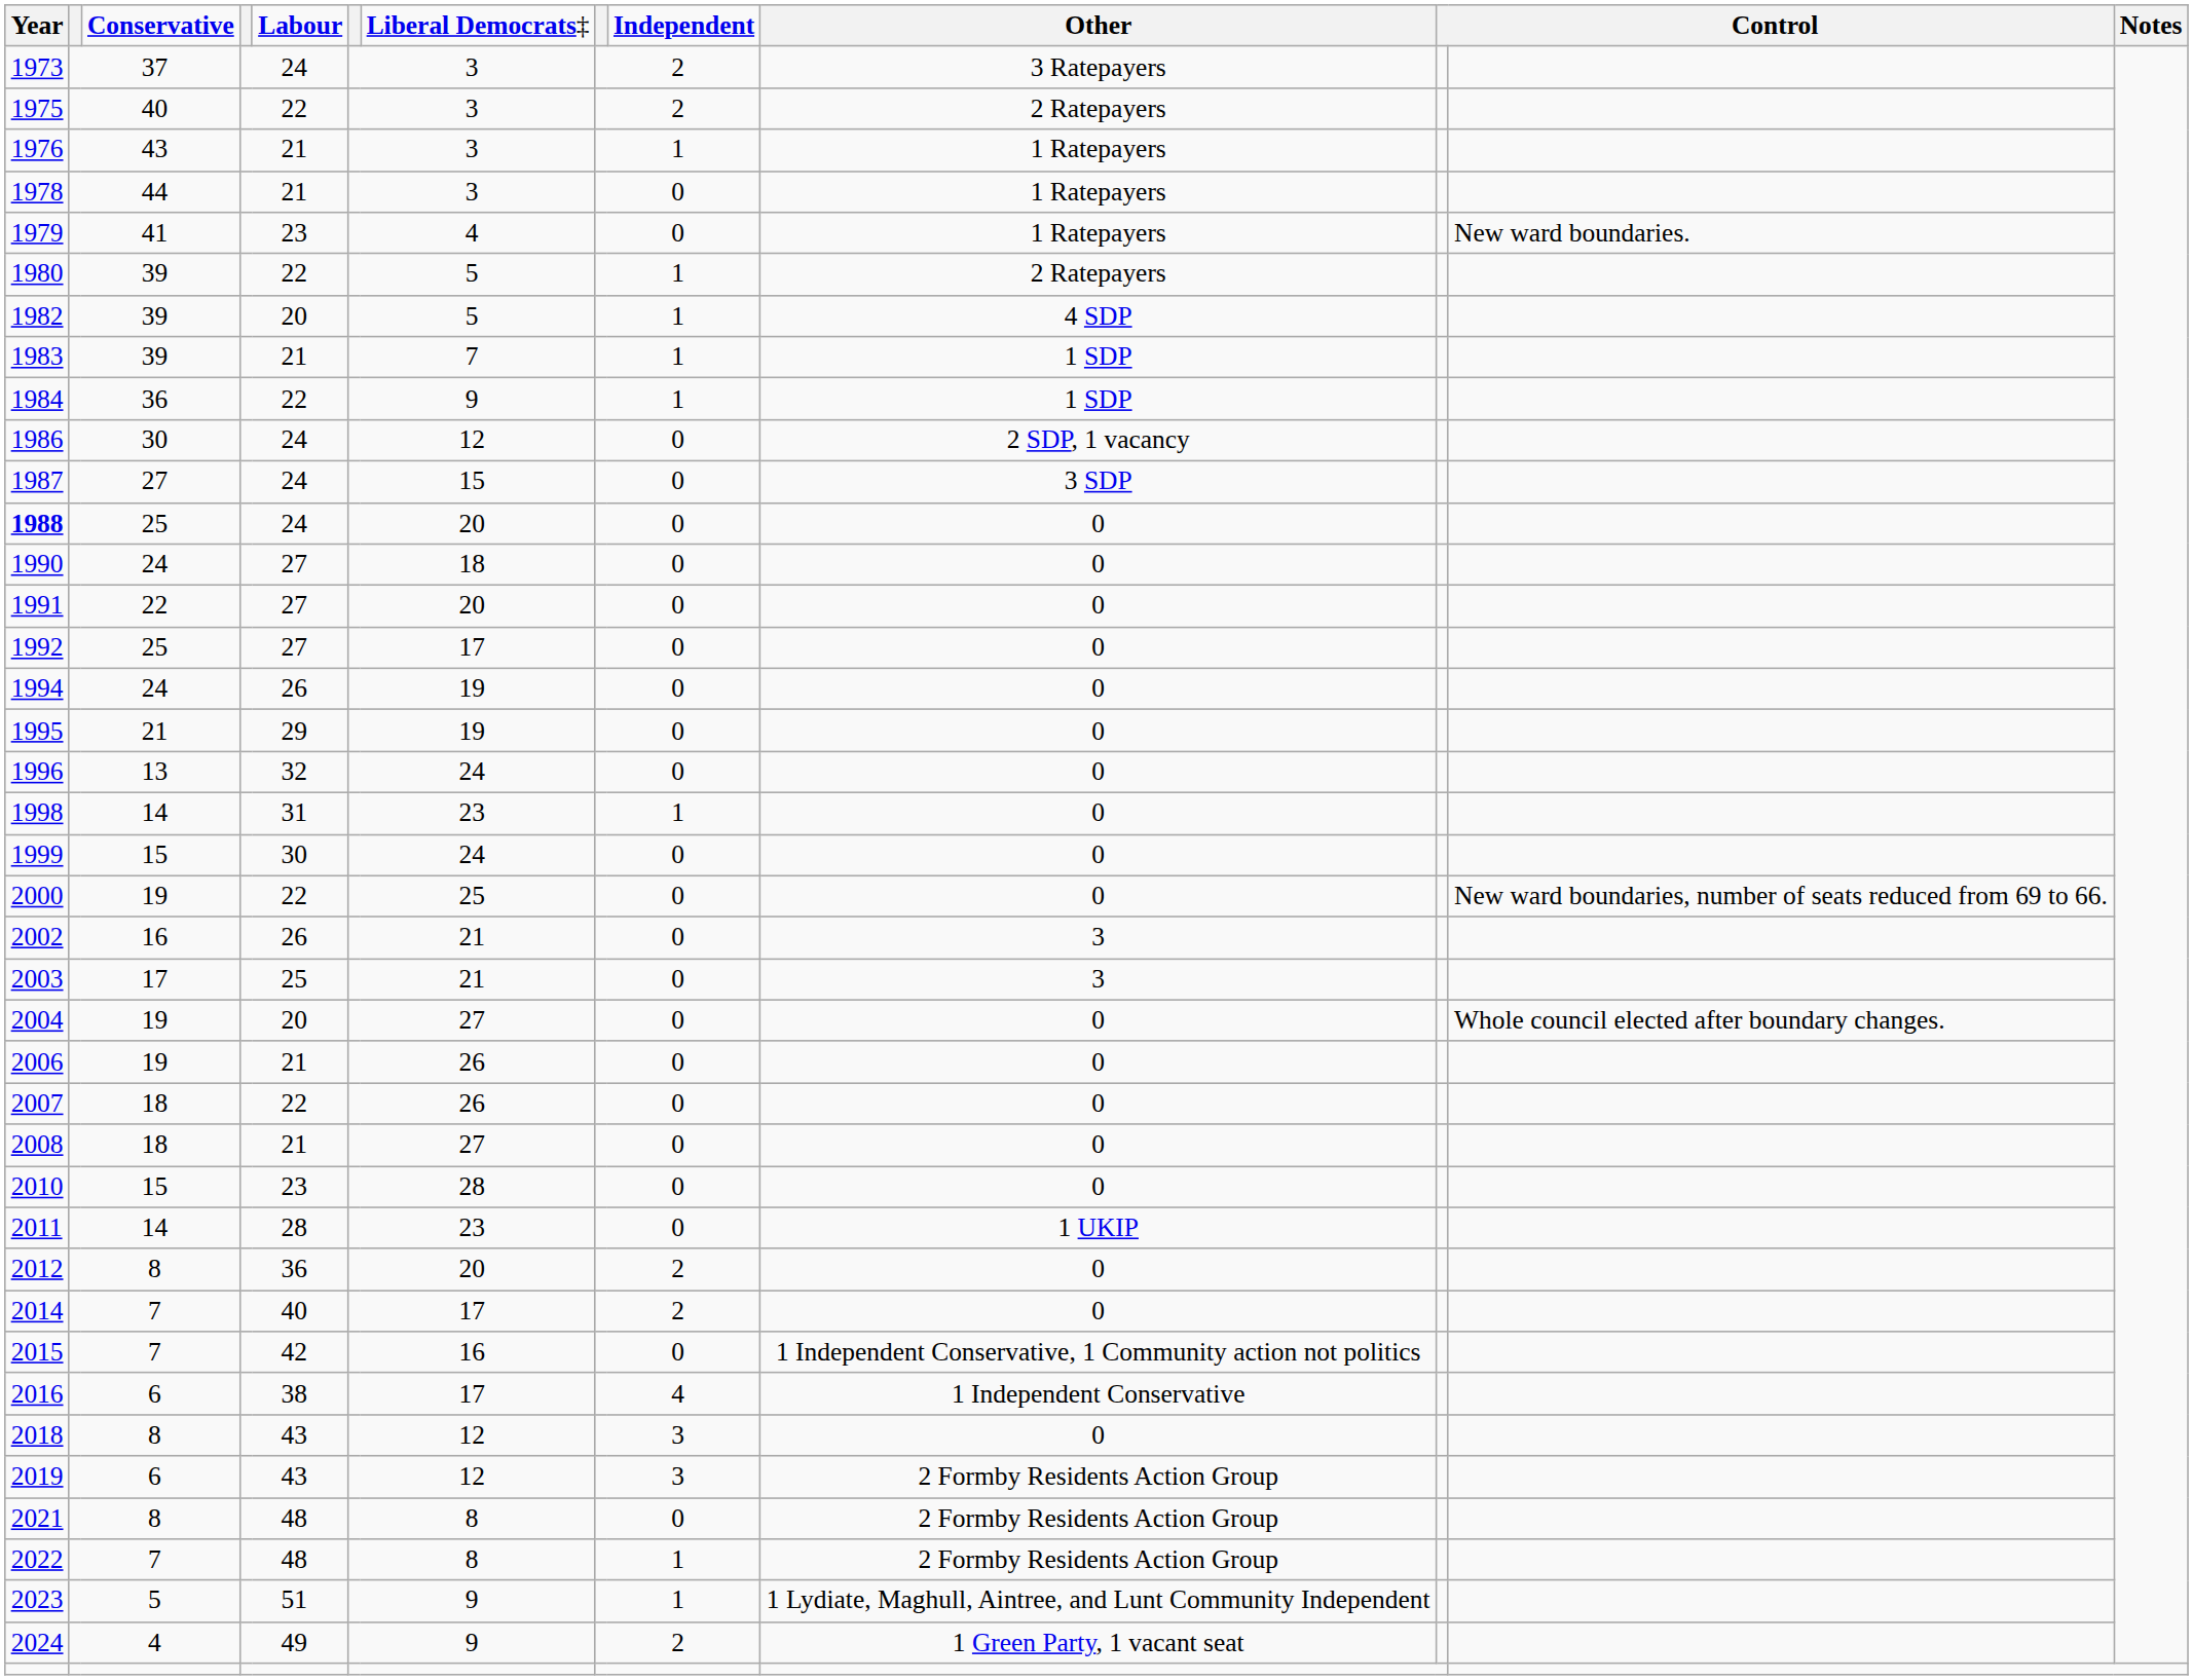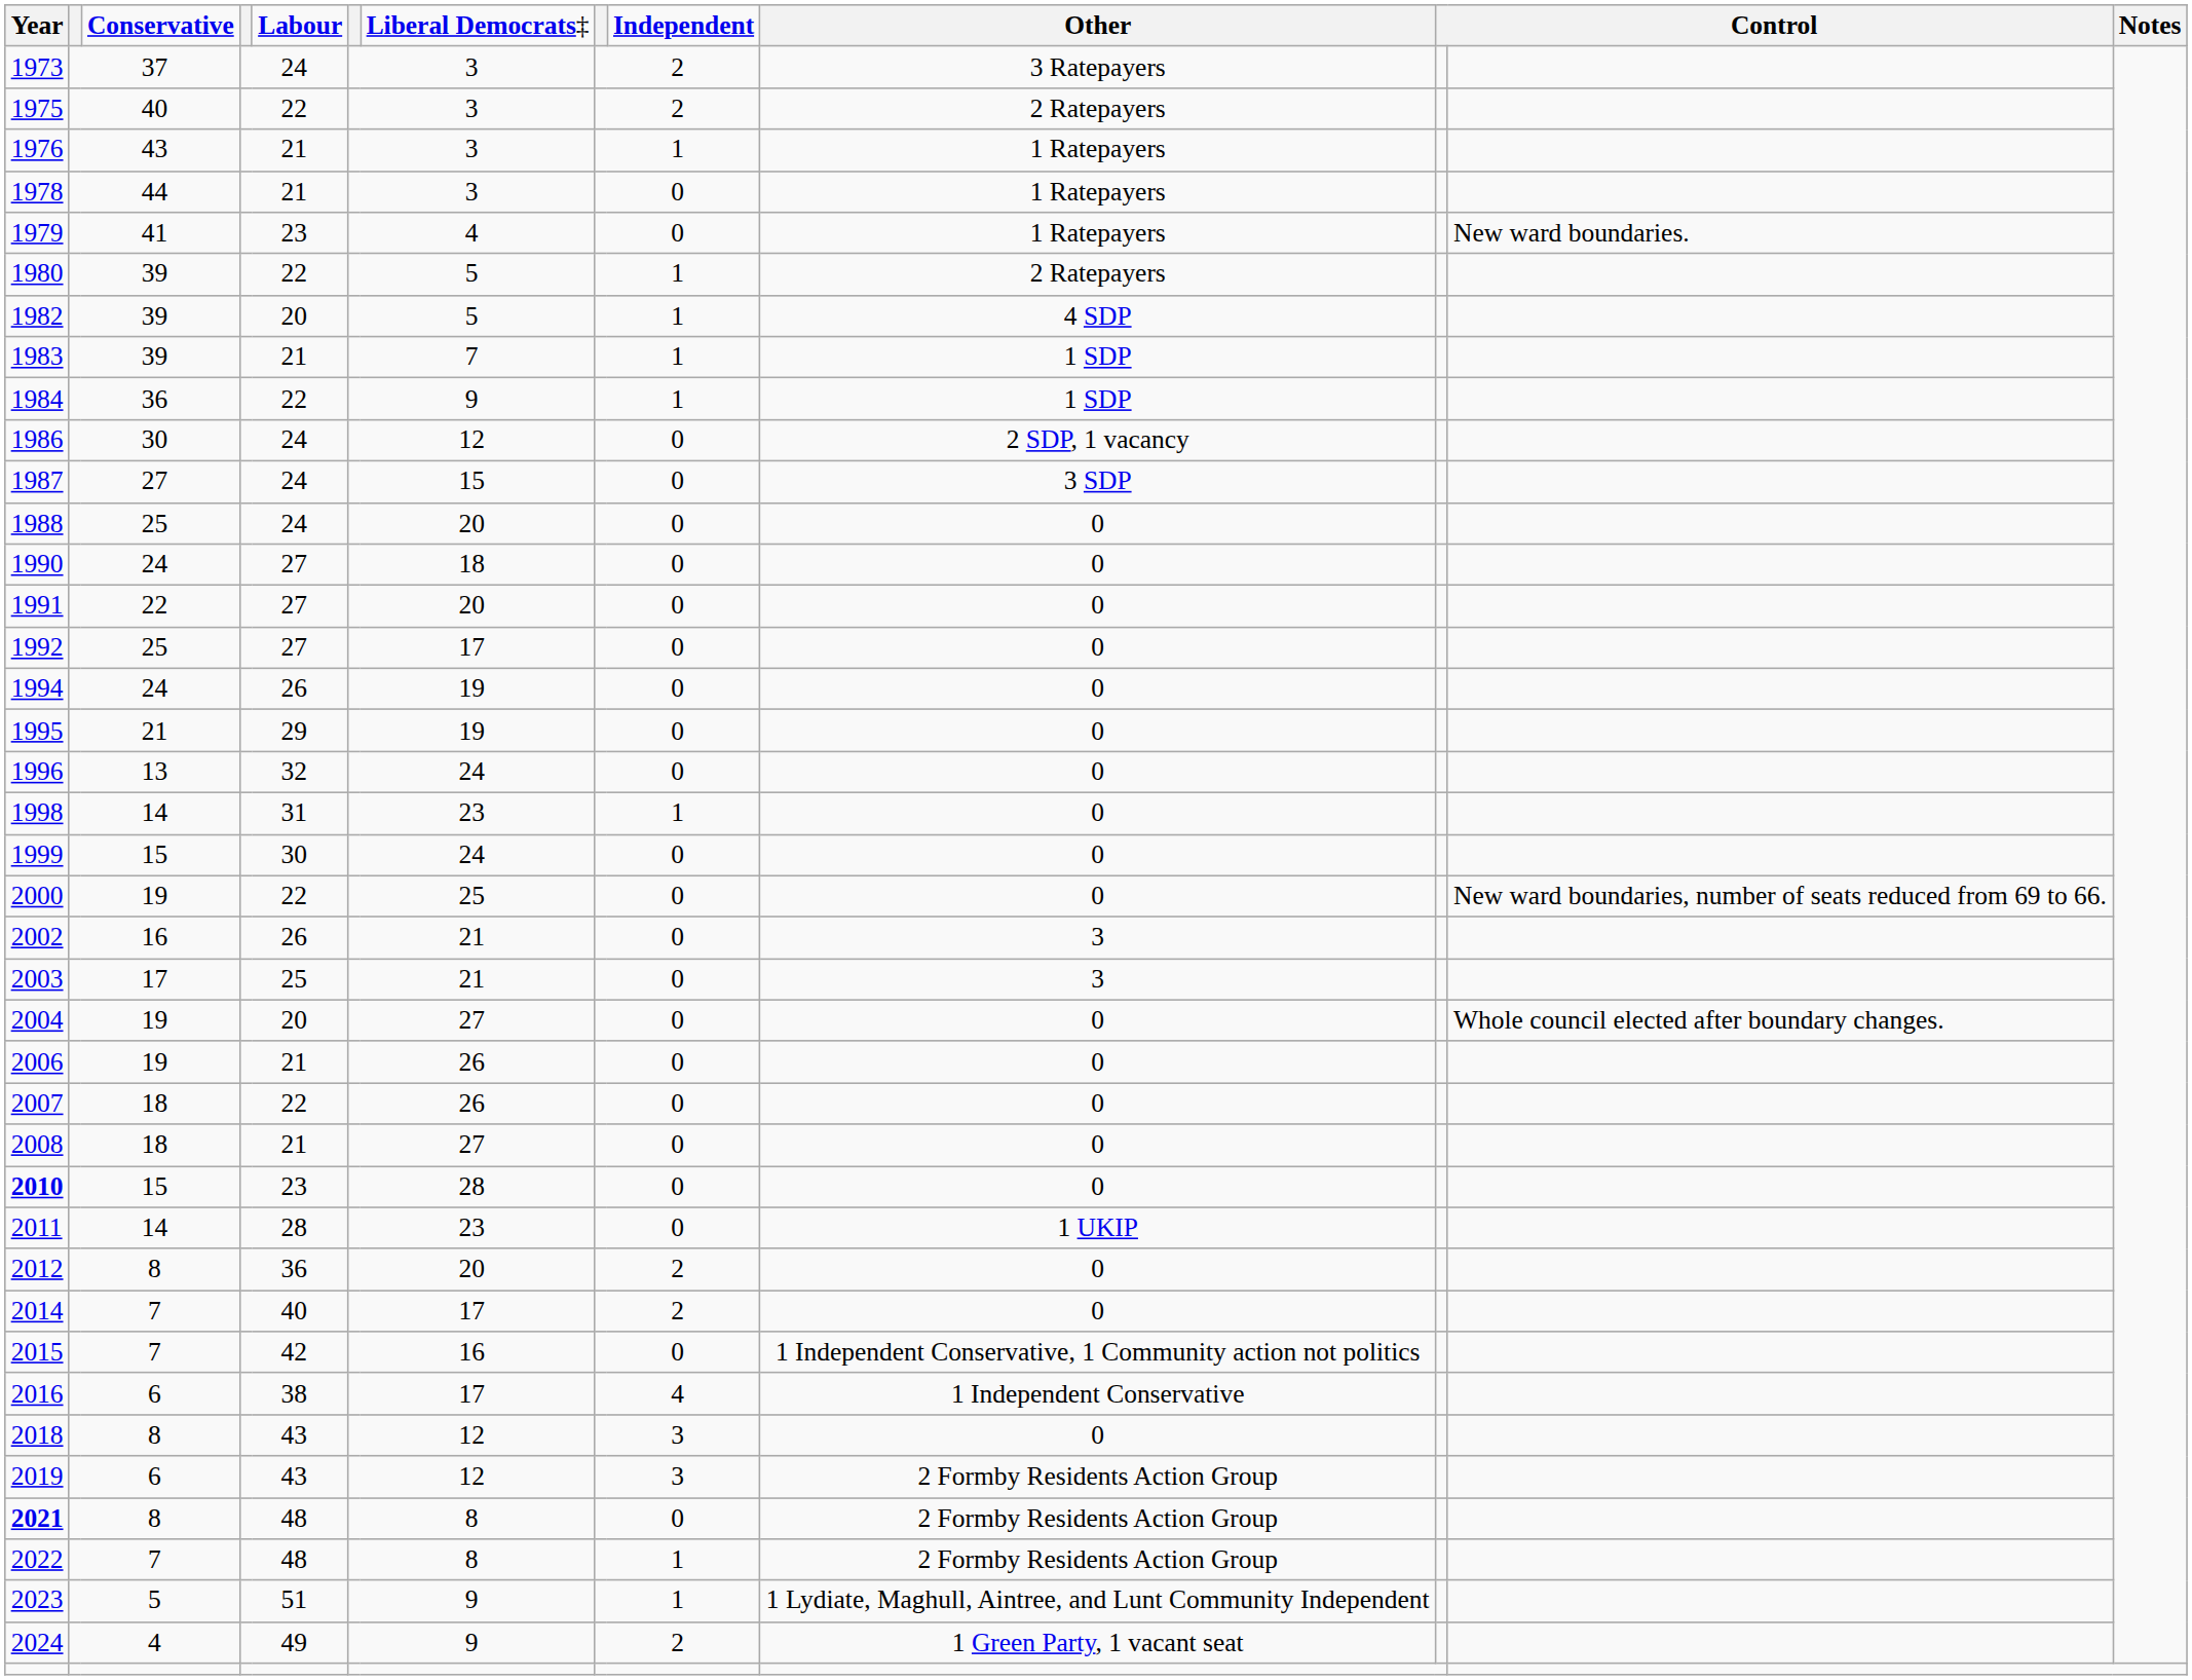 <table class="wikitable">
 <tr>
 <th><strong>Year</strong></th>
 <th style="background-color: "></th>
 <td><strong><a href='#'>Conservative</a></strong></td>
 <th style="background-color: "></th>
 <td><strong><a href='#'>Labour</a></strong></td>
 <th style="background-color: "></th>
 <td><strong><a href='#'>Liberal Democrats</a></strong>‡</td>
 <th style="background-color: "></th>
 <td><strong><a href='#'>Independent</a></strong></td>
 <th><strong>Other</strong></th>
 <th colspan=2><strong>Control</strong></th>
 <th><strong>Notes</strong></th>
 </tr>
 <tr>
 <td><a href='#'>1973</a></td>
 <td colspan=2 align=center>37</td>
 <td colspan=2 align=center>24</td>
 <td colspan=2 align=center>3</td>
 <td colspan=2 align=center>2</td>
 <td align=center>3 Ratepayers</td>
 <td></td>
 <td></td>
 </tr>
 <tr>
 <td><a href='#'>1975</a></td>
 <td colspan=2 align=center>40</td>
 <td colspan=2 align=center>22</td>
 <td colspan=2 align=center>3</td>
 <td colspan=2 align=center>2</td>
 <td align=center>2 Ratepayers</td>
 <td></td>
 <td></td>
 </tr>
 <tr>
 <td><a href='#'>1976</a></td>
 <td colspan=2 align=center>43</td>
 <td colspan=2 align=center>21</td>
 <td colspan=2 align=center>3</td>
 <td colspan=2 align=center>1</td>
 <td align=center>1 Ratepayers</td>
 <td></td>
 <td></td>
 </tr>
 <tr>
 <td><a href='#'>1978</a></td>
 <td colspan=2 align=center>44</td>
 <td colspan=2 align=center>21</td>
 <td colspan=2 align=center>3</td>
 <td colspan=2 align=center>0</td>
 <td align=center>1 Ratepayers</td>
 <td></td>
 <td></td>
 </tr>
 <tr>
 <td><a href='#'>1979</a></td>
 <td colspan=2 align=center>41</td>
 <td colspan=2 align=center>23</td>
 <td colspan=2 align=center>4</td>
 <td colspan=2 align=center>0</td>
 <td align=center>1 Ratepayers</td>
 <td></td>
 <td>New ward boundaries.</td>
 </tr>
 <tr>
 <td><a href='#'>1980</a></td>
 <td colspan=2 align=center>39</td>
 <td colspan=2 align=center>22</td>
 <td colspan=2 align=center>5</td>
 <td colspan=2 align=center>1</td>
 <td align=center>2 Ratepayers</td>
 <td></td>
 <td></td>
 </tr>
 <tr>
 <td><a href='#'>1982</a></td>
 <td colspan=2 align=center>39</td>
 <td colspan=2 align=center>20</td>
 <td colspan=2 align=center>5</td>
 <td colspan=2 align=center>1</td>
 <td align=center>4 <a href='#'>SDP</a></td>
 <td></td>
 <td></td>
 </tr>
 <tr>
 <td><a href='#'>1983</a></td>
 <td colspan=2 align=center>39</td>
 <td colspan=2 align=center>21</td>
 <td colspan=2 align=center>7</td>
 <td colspan=2 align=center>1</td>
 <td align=center>1 <a href='#'>SDP</a></td>
 <td></td>
 <td></td>
 </tr>
 <tr>
 <td><a href='#'>1984</a></td>
 <td colspan=2 align=center>36</td>
 <td colspan=2 align=center>22</td>
 <td colspan=2 align=center>9</td>
 <td colspan=2 align=center>1</td>
 <td align=center>1 <a href='#'>SDP</a></td>
 <td></td>
 <td></td>
 </tr>
 <tr>
 <td><a href='#'>1986</a></td>
 <td colspan=2 align=center>30</td>
 <td colspan=2 align=center>24</td>
 <td colspan=2 align=center>12</td>
 <td colspan=2 align=center>0</td>
 <td align=center>2 <a href='#'>SDP</a>, 1 vacancy</td>
 <td></td>
 <td></td>
 </tr>
 <tr>
 <td><a href='#'>1987</a></td>
 <td colspan=2 align=center>27</td>
 <td colspan=2 align=center>24</td>
 <td colspan=2 align=center>15</td>
 <td colspan=2 align=center>0</td>
 <td align=center>3 <a href='#'>SDP</a></td>
 <td></td>
 <td></td>
 </tr>
 <tr>
-<td><strong><a href='#'>1988</a></strong></td>
+<td><a href='#'>1988</a></td>
 <td colspan=2 align=center>25</td>
 <td colspan=2 align=center>24</td>
 <td colspan=2 align=center>20</td>
 <td colspan=2 align=center>0</td>
 <td align=center>0</td>
 <td></td>
 <td></td>
 </tr>
 <tr>
 <td><a href='#'>1990</a></td>
 <td colspan=2 align=center>24</td>
 <td colspan=2 align=center>27</td>
 <td colspan=2 align=center>18</td>
 <td colspan=2 align=center>0</td>
 <td align=center>0</td>
 <td></td>
 <td></td>
 </tr>
 <tr>
 <td><a href='#'>1991</a></td>
 <td colspan=2 align=center>22</td>
 <td colspan=2 align=center>27</td>
 <td colspan=2 align=center>20</td>
 <td colspan=2 align=center>0</td>
 <td align=center>0</td>
 <td></td>
 <td></td>
 </tr>
 <tr>
 <td><a href='#'>1992</a></td>
 <td colspan=2 align=center>25</td>
 <td colspan=2 align=center>27</td>
 <td colspan=2 align=center>17</td>
 <td colspan=2 align=center>0</td>
 <td align=center>0</td>
 <td></td>
 <td></td>
 </tr>
 <tr>
 <td><a href='#'>1994</a></td>
 <td colspan=2 align=center>24</td>
 <td colspan=2 align=center>26</td>
 <td colspan=2 align=center>19</td>
 <td colspan=2 align=center>0</td>
 <td align=center>0</td>
 <td></td>
 <td></td>
 </tr>
 <tr>
 <td><a href='#'>1995</a></td>
 <td colspan=2 align=center>21</td>
 <td colspan=2 align=center>29</td>
 <td colspan=2 align=center>19</td>
 <td colspan=2 align=center>0</td>
 <td align=center>0</td>
 <td></td>
 <td></td>
 </tr>
 <tr>
 <td><a href='#'>1996</a></td>
 <td colspan=2 align=center>13</td>
 <td colspan=2 align=center>32</td>
 <td colspan=2 align=center>24</td>
 <td colspan=2 align=center>0</td>
 <td align=center>0</td>
 <td></td>
 <td></td>
 </tr>
 <tr>
 <td><a href='#'>1998</a></td>
 <td colspan=2 align=center>14</td>
 <td colspan=2 align=center>31</td>
 <td colspan=2 align=center>23</td>
 <td colspan=2 align=center>1</td>
 <td align=center>0</td>
 <td></td>
 <td></td>
 </tr>
 <tr>
 <td><a href='#'>1999</a></td>
 <td colspan=2 align=center>15</td>
 <td colspan=2 align=center>30</td>
 <td colspan=2 align=center>24</td>
 <td colspan=2 align=center>0</td>
 <td align=center>0</td>
 <td></td>
 <td></td>
 </tr>
 <tr>
 <td><a href='#'>2000</a></td>
 <td colspan=2 align=center>19</td>
 <td colspan=2 align=center>22</td>
 <td colspan=2 align=center>25</td>
 <td colspan=2 align=center>0</td>
 <td align=center>0</td>
 <td></td>
 <td>New ward boundaries, number of seats reduced from 69 to 66.</td>
 </tr>
 <tr>
 <td><a href='#'>2002</a></td>
 <td colspan=2 align=center>16</td>
 <td colspan=2 align=center>26</td>
 <td colspan=2 align=center>21</td>
 <td colspan=2 align=center>0</td>
 <td align=center>3</td>
 <td></td>
 <td></td>
 </tr>
 <tr>
 <td><a href='#'>2003</a></td>
 <td colspan=2 align=center>17</td>
 <td colspan=2 align=center>25</td>
 <td colspan=2 align=center>21</td>
 <td colspan=2 align=center>0</td>
 <td align=center>3</td>
 <td></td>
 <td></td>
 </tr>
 <tr>
 <td><a href='#'>2004</a></td>
 <td colspan=2 align=center>19</td>
 <td colspan=2 align=center>20</td>
 <td colspan=2 align=center>27</td>
 <td colspan=2 align=center>0</td>
 <td align=center>0</td>
 <td></td>
 <td>Whole council elected after boundary changes.</td>
 </tr>
 <tr>
 <td><a href='#'>2006</a></td>
 <td colspan=2 align=center>19</td>
 <td colspan=2 align=center>21</td>
 <td colspan=2 align=center>26</td>
 <td colspan=2 align=center>0</td>
 <td align=center>0</td>
 <td></td>
 <td></td>
 </tr>
 <tr>
 <td><a href='#'>2007</a></td>
 <td colspan=2 align=center>18</td>
 <td colspan=2 align=center>22</td>
 <td colspan=2 align=center>26</td>
 <td colspan=2 align=center>0</td>
 <td align=center>0</td>
 <td></td>
 <td></td>
 </tr>
 <tr>
 <td><a href='#'>2008</a></td>
 <td colspan=2 align=center>18</td>
 <td colspan=2 align=center>21</td>
 <td colspan=2 align=center>27</td>
 <td colspan=2 align=center>0</td>
 <td align=center>0</td>
 <td></td>
 <td></td>
 </tr>
 <tr>
-<td><a href='#'>2010</a></td>
+<td><strong><a href='#'>2010</a></strong></td>
 <td colspan=2 align=center>15</td>
 <td colspan=2 align=center>23</td>
 <td colspan=2 align=center>28</td>
 <td colspan=2 align=center>0</td>
 <td align=center>0</td>
 <td></td>
 <td></td>
 </tr>
 <tr>
 <td><a href='#'>2011</a></td>
 <td colspan=2 align=center>14</td>
 <td colspan=2 align=center>28</td>
 <td colspan=2 align=center>23</td>
 <td colspan=2 align=center>0</td>
 <td align=center>1 <a href='#'>UKIP</a></td>
 <td></td>
 <td></td>
 </tr>
 <tr>
 <td><a href='#'>2012</a></td>
 <td colspan=2 align=center>8</td>
 <td colspan=2 align=center>36</td>
 <td colspan=2 align=center>20</td>
 <td colspan=2 align=center>2</td>
 <td align=center>0</td>
 <td></td>
 <td></td>
 </tr>
 <tr>
 <td><a href='#'>2014</a></td>
 <td colspan=2 align=center>7</td>
 <td colspan=2 align=center>40</td>
 <td colspan=2 align=center>17</td>
 <td colspan=2 align=center>2</td>
 <td align=center>0</td>
 <td></td>
 <td></td>
 </tr>
 <tr>
 <td><a href='#'>2015</a></td>
 <td colspan=2 align=center>7</td>
 <td colspan=2 align=center>42</td>
 <td colspan=2 align=center>16</td>
 <td colspan=2 align=center>0</td>
 <td align=center>1 Independent Conservative, 1 Community action not politics</td>
 <td></td>
 <td></td>
 </tr>
 <tr>
 <td><a href='#'>2016</a></td>
 <td colspan=2 align=center>6</td>
 <td colspan=2 align=center>38</td>
 <td colspan=2 align=center>17</td>
 <td colspan=2 align=center>4</td>
 <td align=center>1 Independent Conservative</td>
 <td></td>
 <td></td>
 </tr>
 <tr>
 <td><a href='#'>2018</a></td>
 <td colspan=2 align=center>8</td>
 <td colspan=2 align=center>43</td>
 <td colspan=2 align=center>12</td>
 <td colspan=2 align=center>3</td>
 <td align=center>0</td>
 <td></td>
 <td></td>
 </tr>
 <tr>
 <td><a href='#'>2019</a></td>
 <td colspan=2 align=center>6</td>
 <td colspan=2 align=center>43</td>
 <td colspan=2 align=center>12</td>
 <td colspan=2 align=center>3</td>
 <td align=center>2 Formby Residents Action Group</td>
 <td></td>
 <td></td>
 </tr>
 <tr>
-<td><a href='#'>2021</a></td>
+<td><strong><a href='#'>2021</a></strong></td>
 <td colspan=2 align=center>8</td>
 <td colspan=2 align=center>48</td>
 <td colspan=2 align=center>8</td>
 <td colspan=2 align=center>0</td>
 <td align=center>2 Formby Residents Action Group</td>
 <td></td>
 <td></td>
 </tr>
 <tr>
 <td><a href='#'>2022</a></td>
 <td colspan=2 align=center>7</td>
 <td colspan=2 align=center>48</td>
 <td colspan=2 align=center>8</td>
 <td colspan=2 align=center>1</td>
 <td align=center>2 Formby Residents Action Group</td>
 <td></td>
 <td></td>
 </tr>
 <tr>
 <td><a href='#'>2023</a></td>
 <td colspan=2 align=center>5</td>
 <td colspan=2 align=center>51</td>
 <td colspan=2 align=center>9</td>
 <td colspan=2 align=center>1</td>
 <td align=center>1 Lydiate, Maghull, Aintree, and Lunt Community Independent</td>
 <td></td>
 <td></td>
 </tr>
 <tr>
 <td><a href='#'>2024</a></td>
 <td colspan=2 align=center>4</td>
 <td colspan=2 align=center>49</td>
 <td colspan=2 align=center>9</td>
 <td colspan=2 align=center>2</td>
 <td align=center>1 <a href='#'>Green Party</a>, 1 vacant seat</td>
 <td></td>
 <td></td>
 </tr>
 <tr>
 <td></td>
 <td colspan=2 style="background-color: "></td>
 <td colspan=2 style="background-color: "></td>
 <td colspan=2 style="background-color: "></td>
 <td colspan=2 style="background-color: "></td>
 <td colspan=2></td>
 <td colspan=2></td>
 </tr>
 </table>
